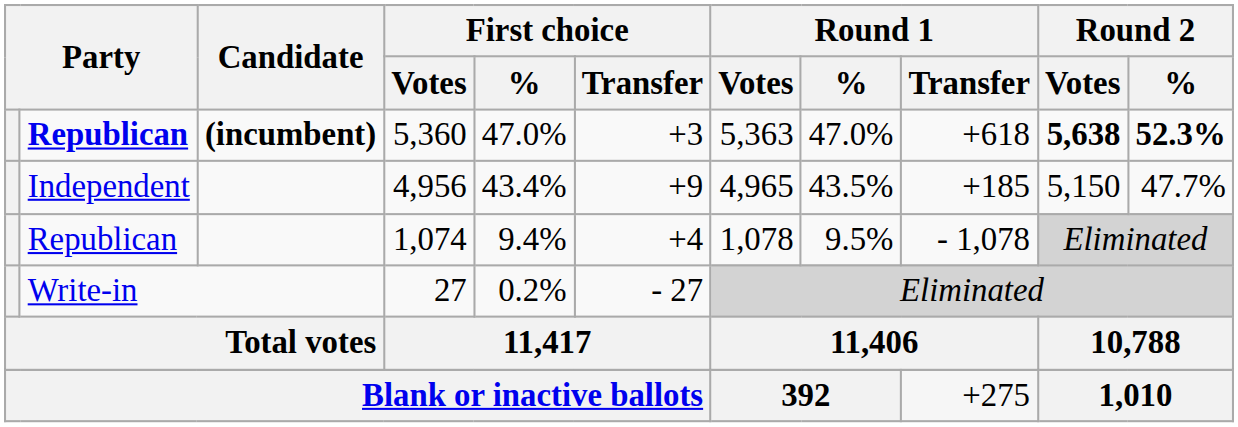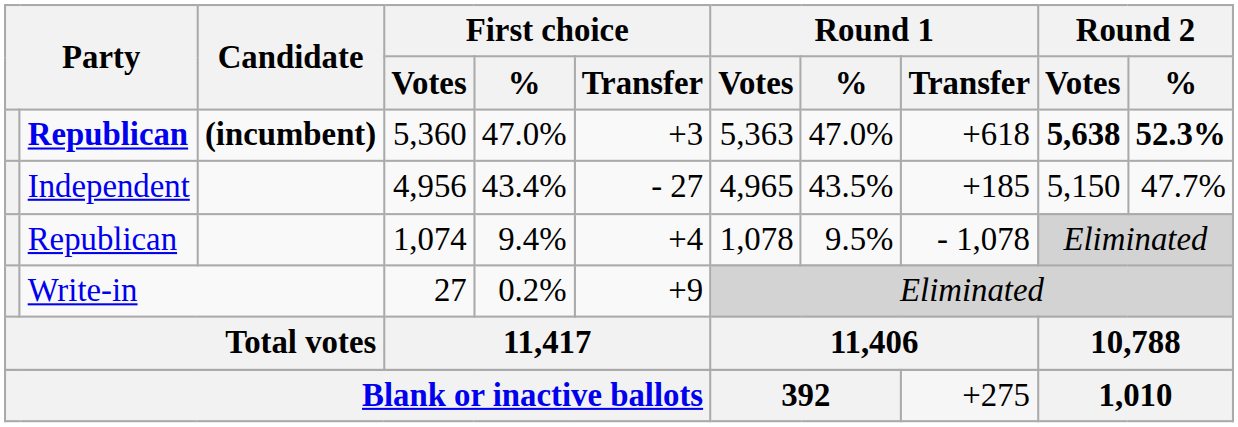 <table class="wikitable sortable" style="text-align:right">
 <tr>
 <th colspan=2 rowspan=2>Party</th>
 <th rowspan=2>Candidate</th>
 <th colspan=3>First choice</th>
 <th colspan=3>Round 1</th>
 <th colspan=3>Round 2</th>
 </tr>
 <tr>
 <th>Votes</th>
 <th>%</th>
 <th>Transfer</th>
 <th>Votes</th>
 <th>%</th>
 <th>Transfer</th>
 <th>Votes</th>
 <th>%</th>
 </tr>
 <tr>
 <th style="background-color:"></th>
 <td style="text-align:left"><strong><a href='#'>Republican</a></strong></td>
 <td style="text-align:left" scope="row"><strong> (incumbent)</strong></td>
 <td>5,360</td>
 <td>47.0%</td>
 <td>+3</td>
 <td>5,363</td>
 <td>47.0%</td>
 <td>+618</td>
 <td><strong>5,638</strong></td>
 <td><strong>52.3%</strong></td>
 </tr>
 <tr>
 <th style="background-color:"></th>
 <td style="text-align:left"><a href='#'>Independent</a></td>
 <td style="text-align:left" scope="row"></td>
 <td>4,956</td>
 <td>43.4%</td>
-<td>+9</td>
+<td>- 27</td>
 <td>4,965</td>
 <td>43.5%</td>
 <td>+185</td>
 <td>5,150</td>
 <td>47.7%</td>
 </tr>
 <tr>
 <th style="background-color:"></th>
 <td style="text-align:left"><a href='#'>Republican</a></td>
 <td style="text-align:left" scope="row"></td>
 <td>1,074</td>
 <td>9.4%</td>
 <td>+4</td>
 <td>1,078</td>
 <td>9.5%</td>
 <td>- 1,078</td>
 <td colspan="2"  style="background:lightgrey; text-align:center;"><em>Eliminated</em></td>
 </tr>
 <tr>
 <th style="background-color:"></th>
 <td style="text-align:left" colspan=2><a href='#'>Write-in</a></td>
 <td>27</td>
 <td>0.2%</td>
-<td>- 27</td>
+<td>+9</td>
 <td colspan="5"  style="background:lightgrey; text-align:center;"><em>Eliminated</em></td>
 </tr>
 <tr class="sortbottom" style="background-color:#F6F6F6">
 <th colspan=3 scope="row" style="text-align:right;"><strong>Total votes</strong></th>
 <th colspan=3><strong>11,417</strong></th>
 <th colspan=3><strong>11,406</strong></th>
 <th colspan=3><strong>10,788</strong></th>
 </tr>
 <tr class="sortbottom">
 </tr>
 <tr class="sortbottom" style="background-color:#F6F6F6">
 <th colspan=6 scope="row" style="text-align:right;"><a href='#'>Blank or inactive ballots</a></th>
 <th colspan=2>392</th>
 <td>+275</td>
 <th colspan=2>1,010</th>
 </tr>
 </table>
